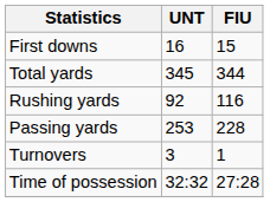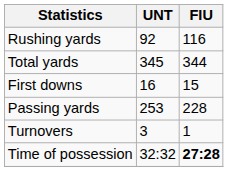 <table class="wikitable">
 <tr>
 <th>Statistics</th>
 <th>UNT</th>
 <th>FIU</th>
 </tr>
 <tr>
-<td>First downs</td>
-<td>16</td>
-<td>15</td>
+<td>Rushing yards</td>
+<td>92</td>
+<td>116</td>
 </tr>
 <tr>
 <td>Total yards</td>
 <td>345</td>
 <td>344</td>
 </tr>
 <tr>
-<td>Rushing yards</td>
-<td>92</td>
-<td>116</td>
+<td>First downs</td>
+<td>16</td>
+<td>15</td>
 </tr>
 <tr>
 <td>Passing yards</td>
 <td>253</td>
 <td>228</td>
 </tr>
 <tr>
 <td>Turnovers</td>
 <td>3</td>
 <td>1</td>
 </tr>
 <tr>
 <td>Time of possession</td>
 <td>32:32</td>
-<td>27:28</td>
+<td><strong>27:28</strong></td>
 </tr>
 <tr>
 </tr>
 </table>
